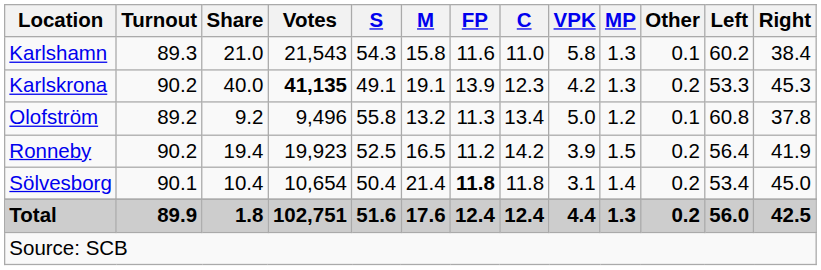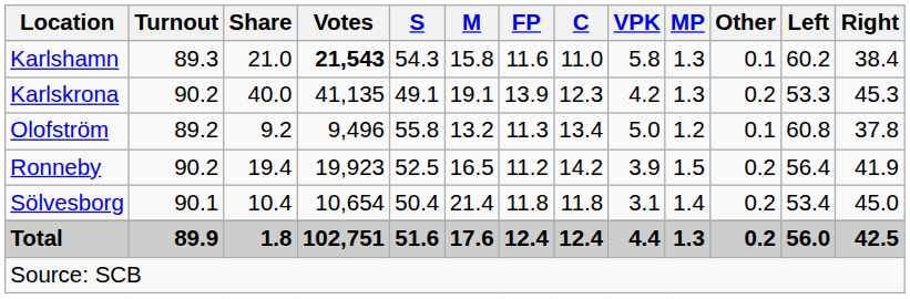 <table class="wikitable sortable" style=text-align:right>
 <tr>
 <th>Location</th>
 <th>Turnout</th>
 <th>Share</th>
 <th>Votes</th>
 <th><a href='#'>S</a></th>
 <th><a href='#'>M</a></th>
 <th><a href='#'>FP</a></th>
 <th><a href='#'>C</a></th>
 <th><a href='#'>VPK</a></th>
 <th><a href='#'>MP</a></th>
 <th>Other</th>
 <th>Left</th>
 <th>Right</th>
 </tr>
 <tr>
 <td align=left><a href='#'>Karlshamn</a></td>
 <td>89.3</td>
 <td>21.0</td>
-<td>21,543</td>
+<td><strong>21,543</strong></td>
 <td>54.3</td>
 <td>15.8</td>
 <td>11.6</td>
 <td>11.0</td>
 <td>5.8</td>
 <td>1.3</td>
 <td>0.1</td>
 <td>60.2</td>
 <td>38.4</td>
 </tr>
 <tr>
 <td align=left><a href='#'>Karlskrona</a></td>
 <td>90.2</td>
 <td>40.0</td>
-<td><strong>41,135</strong></td>
+<td>41,135</td>
 <td>49.1</td>
 <td>19.1</td>
 <td>13.9</td>
 <td>12.3</td>
 <td>4.2</td>
 <td>1.3</td>
 <td>0.2</td>
 <td>53.3</td>
 <td>45.3</td>
 </tr>
 <tr>
 <td align=left><a href='#'>Olofström</a></td>
 <td>89.2</td>
 <td>9.2</td>
 <td>9,496</td>
 <td>55.8</td>
 <td>13.2</td>
 <td>11.3</td>
 <td>13.4</td>
 <td>5.0</td>
 <td>1.2</td>
 <td>0.1</td>
 <td>60.8</td>
 <td>37.8</td>
 </tr>
 <tr>
 <td align=left><a href='#'>Ronneby</a></td>
 <td>90.2</td>
 <td>19.4</td>
 <td>19,923</td>
 <td>52.5</td>
 <td>16.5</td>
 <td>11.2</td>
 <td>14.2</td>
 <td>3.9</td>
 <td>1.5</td>
 <td>0.2</td>
 <td>56.4</td>
 <td>41.9</td>
 </tr>
 <tr>
 <td align=left><a href='#'>Sölvesborg</a></td>
 <td>90.1</td>
 <td>10.4</td>
 <td>10,654</td>
 <td>50.4</td>
 <td>21.4</td>
-<td><strong>11.8</strong></td>
+<td>11.8</td>
 <td>11.8</td>
 <td>3.1</td>
 <td>1.4</td>
 <td>0.2</td>
 <td>53.4</td>
 <td>45.0</td>
 </tr>
 <tr>
 </tr>
 <tr style="background:#CDCDCD;">
 <td align=left><strong>Total</strong></td>
 <td><strong>89.9</strong></td>
 <td><strong>1.8</strong></td>
 <td><strong>102,751</strong></td>
 <td><strong>51.6</strong></td>
 <td><strong>17.6</strong></td>
 <td><strong>12.4</strong></td>
 <td><strong>12.4</strong></td>
 <td><strong>4.4</strong></td>
 <td><strong>1.3</strong></td>
 <td><strong>0.2</strong></td>
 <td><strong>56.0</strong></td>
 <td><strong>42.5</strong></td>
 </tr>
 <tr>
 <td align=left colspan=13>Source: SCB </td>
 </tr>
 </table>
